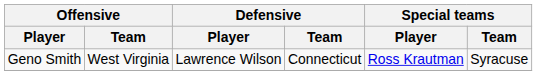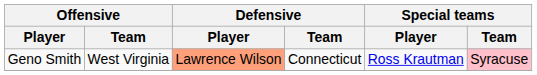 <table class="wikitable" border="1">
 <tr>
 <th colspan="2">Offensive</th>
 <th colspan="2">Defensive</th>
 <th colspan="2">Special teams</th>
 </tr>
 <tr>
 <th>Player</th>
 <th>Team</th>
 <th>Player</th>
 <th>Team</th>
 <th>Player</th>
 <th>Team</th>
 </tr>
 <tr>
 <td>Geno Smith</td>
 <td>West Virginia</td>
-<td>Lawrence Wilson</td>
+<td style="background: lightsalmon;">Lawrence Wilson</td>
 <td>Connecticut</td>
 <td><a href='#'>Ross Krautman</a></td>
-<td>Syracuse</td>
+<td style="background: pink;">Syracuse</td>
 </tr>
 <tr>
 </tr>
 </table>
